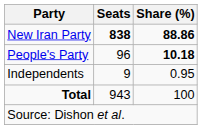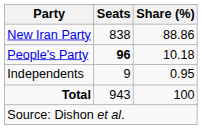 <table class=wikitable style=text-align:right>
 <tr>
 <th>Party</th>
 <th>Seats</th>
 <th>Share (%)</th>
 </tr>
 <tr>
 <td align=left><a href='#'>New Iran Party</a></td>
-<td><strong>838</strong></td>
-<td><strong>88.86</strong></td>
+<td>838</td>
+<td>88.86</td>
 </tr>
 <tr>
 <td align=left><a href='#'>People's Party</a></td>
-<td>96</td>
-<td><strong>10.18</strong></td>
+<td><strong>96</strong></td>
+<td>10.18</td>
 </tr>
 <tr>
 <td align=left>Independents</td>
 <td>9</td>
 <td>0.95</td>
 </tr>
 <tr>
 <td align=right><strong>Total</strong></td>
 <td align=right>943</td>
 <td align=right>100</td>
 </tr>
 <tr>
 <td colspan=5 align=left>Source: Dishon <em>et al</em>.</td>
 </tr>
 </table>
